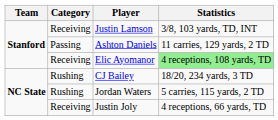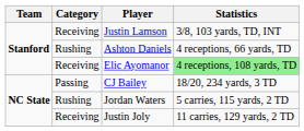 <table class="wikitable" style="float: right;">
 <tr>
 <th>Team</th>
 <th>Category</th>
 <th>Player</th>
 <th>Statistics</th>
 </tr>
 <tr>
 <td rowspan=3><strong>Stanford</strong></td>
 <td>Receiving</td>
 <td><a href='#'>Justin Lamson</a></td>
 <td>3/8, 103 yards, TD, INT</td>
 </tr>
 <tr>
-<td>Passing</td>
+<td>Rushing</td>
 <td><a href='#'>Ashton Daniels</a></td>
-<td>11 carries, 129 yards, 2 TD</td>
+<td>4 receptions, 66 yards, TD</td>
 </tr>
 <tr>
 <td>Receiving</td>
 <td><a href='#'>Elic Ayomanor</a></td>
 <td style="background: lightgreen;">4 receptions, 108 yards, TD</td>
 </tr>
 <tr>
 <td rowspan=3><strong>NC State</strong></td>
-<td>Rushing</td>
+<td>Passing</td>
 <td><a href='#'>CJ Bailey</a></td>
 <td>18/20, 234 yards, 3 TD</td>
 </tr>
 <tr>
 <td>Rushing</td>
 <td>Jordan Waters</td>
 <td>5 carries, 115 yards, 2 TD</td>
 </tr>
 <tr>
 <td>Receiving</td>
 <td>Justin Joly</td>
-<td>4 receptions, 66 yards, TD</td>
+<td>11 carries, 129 yards, 2 TD</td>
 </tr>
 </table>
